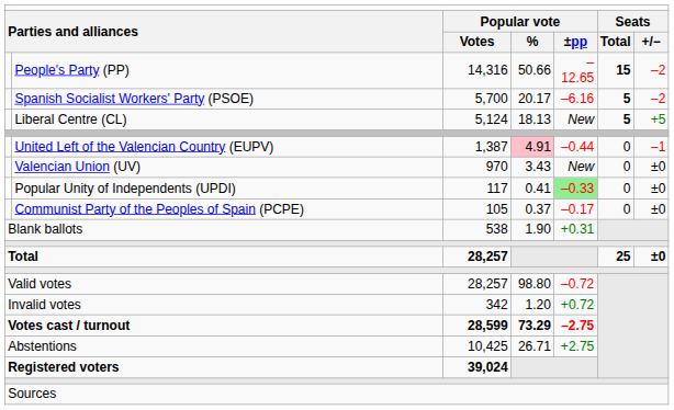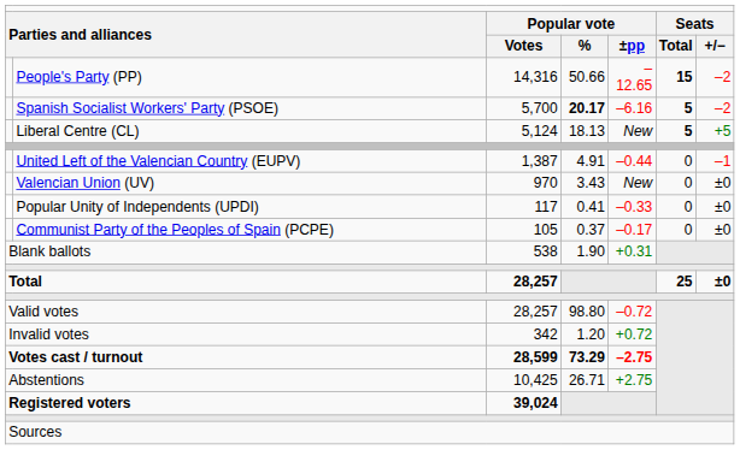 <table class="wikitable" style="text-align:right;">
 <tr>
 <td colspan="7"></td>
 </tr>
 <tr>
 <th style="text-align:left;" rowspan="2" colspan="2" width="525">Parties and alliances</th>
 <th colspan="3">Popular vote</th>
 <th colspan="2">Seats</th>
 </tr>
 <tr>
 <th width="75">Votes</th>
 <th width="45">%</th>
 <th width="45">±<a href='#'>pp</a></th>
 <th width="35">Total</th>
 <th width="35">+/−</th>
 </tr>
 <tr>
 <td width="1" style="color:inherit;background:"></td>
 <td align="left"><a href='#'>People's Party</a> (PP)</td>
 <td>14,316</td>
 <td>50.66</td>
 <td style="color:red;">–12.65</td>
 <td><strong>15</strong></td>
 <td style="color:red;">–2</td>
 </tr>
 <tr>
 <td style="color:inherit;background:"></td>
 <td align="left"><a href='#'>Spanish Socialist Workers' Party</a> (PSOE)</td>
 <td>5,700</td>
-<td>20.17</td>
+<td><strong>20.17</strong></td>
 <td style="color:red;">–6.16</td>
 <td><strong>5</strong></td>
 <td style="color:red;">–2</td>
 </tr>
 <tr>
 <td style="color:inherit;background:"></td>
 <td align="left">Liberal Centre (CL)</td>
 <td>5,124</td>
 <td>18.13</td>
 <td><em>New</em></td>
 <td><strong>5</strong></td>
 <td style="color:green;">+5</td>
 </tr>
 <tr>
 <td colspan="7" bgcolor="#C0C0C0"></td>
 </tr>
 <tr>
 <td style="color:inherit;background:"></td>
 <td align="left"><a href='#'>United Left of the Valencian Country</a> (EUPV)</td>
 <td>1,387</td>
-<td style="background: pink;">4.91</td>
+<td>4.91</td>
 <td style="color:red;">–0.44</td>
 <td>0</td>
 <td style="color:red;">–1</td>
 </tr>
 <tr>
 <td style="color:inherit;background:"></td>
 <td align="left"><a href='#'>Valencian Union</a> (UV)</td>
 <td>970</td>
 <td>3.43</td>
 <td><em>New</em></td>
 <td>0</td>
 <td>±0</td>
 </tr>
 <tr>
 <td bgcolor="white"></td>
 <td align="left">Popular Unity of Independents (UPDI)</td>
 <td>117</td>
 <td>0.41</td>
-<td style="background: lightgreen; color:red;">–0.33</td>
+<td style="color:red;">–0.33</td>
 <td>0</td>
 <td>±0</td>
 </tr>
 <tr>
 <td style="color:inherit;background:"></td>
 <td align="left"><a href='#'>Communist Party of the Peoples of Spain</a> (PCPE)</td>
 <td>105</td>
 <td>0.37</td>
 <td style="color:red;">–0.17</td>
 <td>0</td>
 <td>±0</td>
 </tr>
 <tr>
 <td align="left" colspan="2">Blank ballots</td>
 <td>538</td>
 <td>1.90</td>
 <td style="color:green;">+0.31</td>
 <td bgcolor="#E9E9E9" colspan="2"></td>
 </tr>
 <tr>
 <td colspan="7" bgcolor="#E9E9E9"></td>
 </tr>
 <tr style="font-weight:bold;">
 <td align="left" colspan="2">Total</td>
 <td>28,257</td>
 <td bgcolor="#E9E9E9" colspan="2"></td>
 <td>25</td>
 <td>±0</td>
 </tr>
 <tr>
 <td colspan="7" bgcolor="#E9E9E9"></td>
 </tr>
 <tr>
 <td align="left" colspan="2">Valid votes</td>
 <td>28,257</td>
 <td>98.80</td>
 <td style="color:red;">–0.72</td>
 <td bgcolor="#E9E9E9" colspan="2" rowspan="5"></td>
 </tr>
 <tr>
 <td align="left" colspan="2">Invalid votes</td>
 <td>342</td>
 <td>1.20</td>
 <td style="color:green;">+0.72</td>
 </tr>
 <tr style="font-weight:bold;">
 <td align="left" colspan="2">Votes cast / turnout</td>
 <td>28,599</td>
 <td>73.29</td>
 <td style="color:red;">–2.75</td>
 </tr>
 <tr>
 <td align="left" colspan="2">Abstentions</td>
 <td>10,425</td>
 <td>26.71</td>
 <td style="color:green;">+2.75</td>
 </tr>
 <tr style="font-weight:bold;">
 <td align="left" colspan="2">Registered voters</td>
 <td>39,024</td>
 <td bgcolor="#E9E9E9" colspan="2"></td>
 </tr>
 <tr>
 <td colspan="7" bgcolor="#E9E9E9"></td>
 </tr>
 <tr>
 <td align="left" colspan="7">Sources</td>
 </tr>
 </table>
